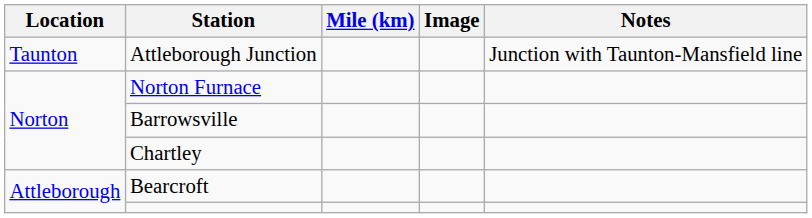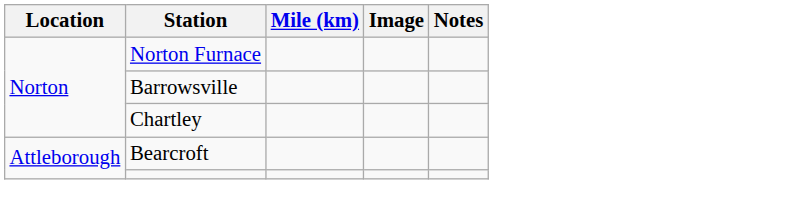 <table class="wikitable">
 <tr>
 <th>Location</th>
 <th>Station</th>
 <th><a href='#'>Mile (km)</a></th>
 <th>Image</th>
 <th>Notes</th>
-</tr>
-<tr>
-<td><a href='#'>Taunton</a></td>
-<td>Attleborough Junction</td>
-<td></td>
-<td></td>
-<td>Junction with Taunton-Mansfield line</td>
 </tr>
 <tr>
 <td rowspan=3><a href='#'>Norton</a></td>
 <td><a href='#'>Norton Furnace</a></td>
 <td></td>
 <td></td>
 <td></td>
 </tr>
 <tr>
 <td>Barrowsville</td>
 <td></td>
 <td></td>
 <td></td>
 </tr>
 <tr>
 <td>Chartley</td>
 <td></td>
 <td></td>
 <td></td>
 </tr>
 <tr>
 <td rowspan=2><a href='#'>Attleborough</a></td>
 <td>Bearcroft</td>
 <td></td>
 <td></td>
 <td></td>
 </tr>
 <tr>
 <td></td>
 <td></td>
 <td></td>
 <td></td>
 </tr>
 </table>
